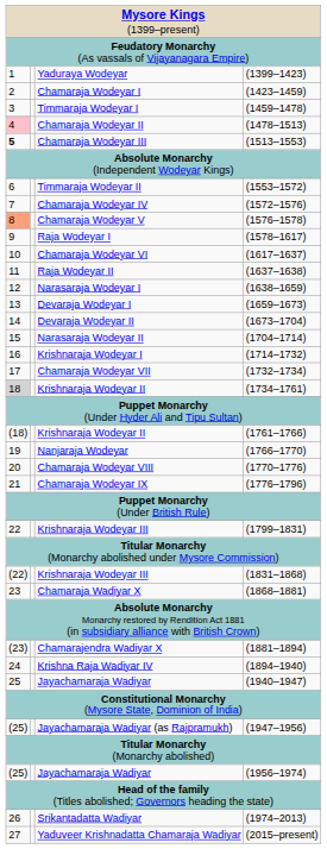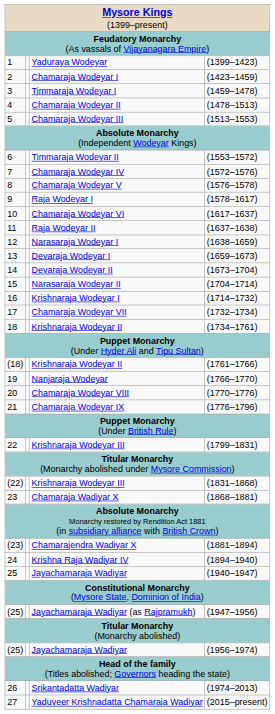 <table class="wikitable" style="margin: 0 0 1em 1em; font-family: arial; font-size: 90%; border: 1px solid #cccccc;">
 <tr>
 <td colspan="4" style="text-align:center;background-color:#e7dcc3"><big><a href='#'><strong>Mysore Kings</strong></a></big><br>(1399–present)</td>
 </tr>
 <tr style="text-align:center;background-color:#99CCCC">
 <td colspan="4"><strong>Feudatory Monarchy</strong><br>(As vassals of <a href='#'>Vijayanagara Empire</a>)<br></td>
 </tr>
 <tr>
 <td>1</td>
 <td></td>
 <td><a href='#'>Yaduraya Wodeyar</a></td>
 <td>(1399–1423)</td>
 </tr>
 <tr>
 <td>2</td>
 <td></td>
 <td><a href='#'>Chamaraja Wodeyar I</a></td>
 <td>(1423–1459)</td>
 </tr>
 <tr>
 <td>3</td>
 <td></td>
 <td><a href='#'>Timmaraja Wodeyar I</a></td>
 <td>(1459–1478)</td>
 </tr>
 <tr>
-<td style="background: pink;">4</td>
+<td>4</td>
 <td></td>
 <td><a href='#'>Chamaraja Wodeyar II</a></td>
 <td>(1478–1513)</td>
 </tr>
 <tr>
-<td><strong>5</strong></td>
+<td>5</td>
 <td></td>
 <td><a href='#'>Chamaraja Wodeyar III</a></td>
 <td>(1513–1553)</td>
 </tr>
 <tr style="text-align:center;background-color:#99CCCC">
 <td colspan="4"><strong>Absolute Monarchy</strong><br>(Independent <a href='#'>Wodeyar</a> Kings)<br></td>
 </tr>
 <tr>
 <td>6</td>
 <td></td>
 <td><a href='#'>Timmaraja Wodeyar II</a></td>
 <td>(1553–1572)</td>
 </tr>
 <tr>
 <td>7</td>
 <td></td>
 <td><a href='#'>Chamaraja Wodeyar IV</a></td>
 <td>(1572–1576)</td>
 </tr>
 <tr>
-<td style="background: lightsalmon;">8</td>
+<td>8</td>
 <td></td>
 <td><a href='#'>Chamaraja Wodeyar V</a></td>
 <td>(1576–1578)</td>
 </tr>
 <tr>
 <td>9</td>
 <td></td>
 <td><a href='#'>Raja Wodeyar I</a></td>
 <td>(1578–1617)</td>
 </tr>
 <tr>
 <td>10</td>
 <td></td>
 <td><a href='#'>Chamaraja Wodeyar VI</a></td>
 <td>(1617–1637)</td>
 </tr>
 <tr>
 <td>11</td>
 <td></td>
 <td><a href='#'>Raja Wodeyar II</a></td>
 <td>(1637–1638)</td>
 </tr>
 <tr>
 <td>12</td>
 <td></td>
 <td><a href='#'>Narasaraja Wodeyar I</a></td>
 <td>(1638–1659)</td>
 </tr>
 <tr>
 <td>13</td>
 <td></td>
 <td><a href='#'>Devaraja Wodeyar I</a></td>
 <td>(1659–1673)</td>
 </tr>
 <tr>
 <td>14</td>
 <td></td>
 <td><a href='#'>Devaraja Wodeyar II</a></td>
 <td>(1673–1704)</td>
 </tr>
 <tr>
 <td>15</td>
 <td></td>
 <td><a href='#'>Narasaraja Wodeyar II</a></td>
 <td>(1704–1714)</td>
 </tr>
 <tr>
 <td>16</td>
 <td></td>
 <td><a href='#'>Krishnaraja Wodeyar I</a></td>
 <td>(1714–1732)</td>
 </tr>
 <tr>
 <td>17</td>
 <td></td>
 <td><a href='#'>Chamaraja Wodeyar VII</a></td>
 <td>(1732–1734)</td>
 </tr>
 <tr>
-<td style="background: lightgrey;">18</td>
+<td>18</td>
 <td></td>
 <td><a href='#'>Krishnaraja Wodeyar II</a></td>
 <td>(1734–1761)</td>
 </tr>
 <tr style="text-align:center;background-color:#99CCCC">
 <td colspan="4"><strong>Puppet Monarchy</strong><br>(Under <a href='#'>Hyder Ali</a> and <a href='#'>Tipu Sultan</a>)<br></td>
 </tr>
 <tr>
 <td>(18)</td>
 <td></td>
 <td><a href='#'>Krishnaraja Wodeyar II</a></td>
 <td>(1761–1766)</td>
 </tr>
 <tr>
 <td>19</td>
 <td></td>
 <td><a href='#'>Nanjaraja Wodeyar</a></td>
 <td>(1766–1770)</td>
 </tr>
 <tr>
 <td>20</td>
 <td></td>
 <td><a href='#'>Chamaraja Wodeyar VIII</a></td>
 <td>(1770–1776)</td>
 </tr>
 <tr>
 <td>21</td>
 <td></td>
 <td><a href='#'>Chamaraja Wodeyar IX</a></td>
 <td>(1776–1796)</td>
 </tr>
 <tr style="text-align:center;background-color:#99CCCC">
 <td colspan="4"><strong>Puppet Monarchy</strong><br>(Under <a href='#'>British Rule</a>)<br></td>
 </tr>
 <tr>
 <td>22</td>
 <td></td>
 <td><a href='#'>Krishnaraja Wodeyar III</a></td>
 <td>(1799–1831)</td>
 </tr>
 <tr style="text-align:center;background-color:#99CCCC">
 <td colspan="4"><strong>Titular Monarchy</strong><br>(Monarchy abolished under <a href='#'>Mysore Commission</a>)<br></td>
 </tr>
 <tr>
 <td>(22)</td>
 <td></td>
 <td><a href='#'>Krishnaraja Wodeyar III</a></td>
 <td>(1831–1868)</td>
 </tr>
 <tr>
 <td>23</td>
 <td></td>
 <td><a href='#'>Chamaraja Wadiyar X</a></td>
 <td>(1868–1881)</td>
 </tr>
 <tr style="text-align:center;background-color:#99CCCC">
 <td colspan="4"><strong>Absolute Monarchy</strong><br><small>Monarchy restored by Rendition Act 1881</small><br>(in <a href='#'>subsidiary alliance</a> with <a href='#'>British Crown</a>)<br></td>
 </tr>
 <tr>
 <td>(23)</td>
 <td></td>
 <td><a href='#'>Chamarajendra Wadiyar X</a></td>
 <td>(1881–1894)</td>
 </tr>
 <tr>
 <td>24</td>
 <td></td>
 <td><a href='#'>Krishna Raja Wadiyar IV</a></td>
 <td>(1894–1940)</td>
 </tr>
 <tr>
 <td>25</td>
 <td></td>
 <td><a href='#'>Jayachamaraja Wadiyar</a></td>
 <td>(1940–1947)</td>
 </tr>
 <tr style="text-align:center;background-color:#99CCCC">
 <td colspan="4"><strong>Constitutional Monarchy</strong> <br>(<a href='#'>Mysore State</a>, <a href='#'>Dominion of India</a>)<br></td>
 </tr>
 <tr>
 <td>(25)</td>
 <td></td>
 <td><a href='#'>Jayachamaraja Wadiyar</a> (as <a href='#'>Rajpramukh</a>)</td>
 <td>(1947–1956)</td>
 </tr>
 <tr style="text-align:center;background-color:#99CCCC">
 <td colspan="4"><strong>Titular Monarchy</strong><br>(Monarchy abolished)<br></td>
 </tr>
 <tr>
 <td>(25)</td>
 <td></td>
 <td><a href='#'>Jayachamaraja Wadiyar</a></td>
 <td>(1956–1974)</td>
 </tr>
 <tr style="text-align:center;background-color:#99CCCC">
 <td colspan="4"><strong>Head of the family</strong><br>(Titles abolished; <a href='#'>Governors</a> heading the state)<br></td>
 </tr>
 <tr>
 <td>26</td>
 <td></td>
 <td><a href='#'>Srikantadatta Wadiyar</a></td>
 <td>(1974–2013)</td>
 </tr>
 <tr>
 <td>27</td>
 <td></td>
 <td><a href='#'>Yaduveer Krishnadatta Chamaraja Wadiyar</a></td>
 <td>(2015–present)</td>
 </tr>
 </table>
